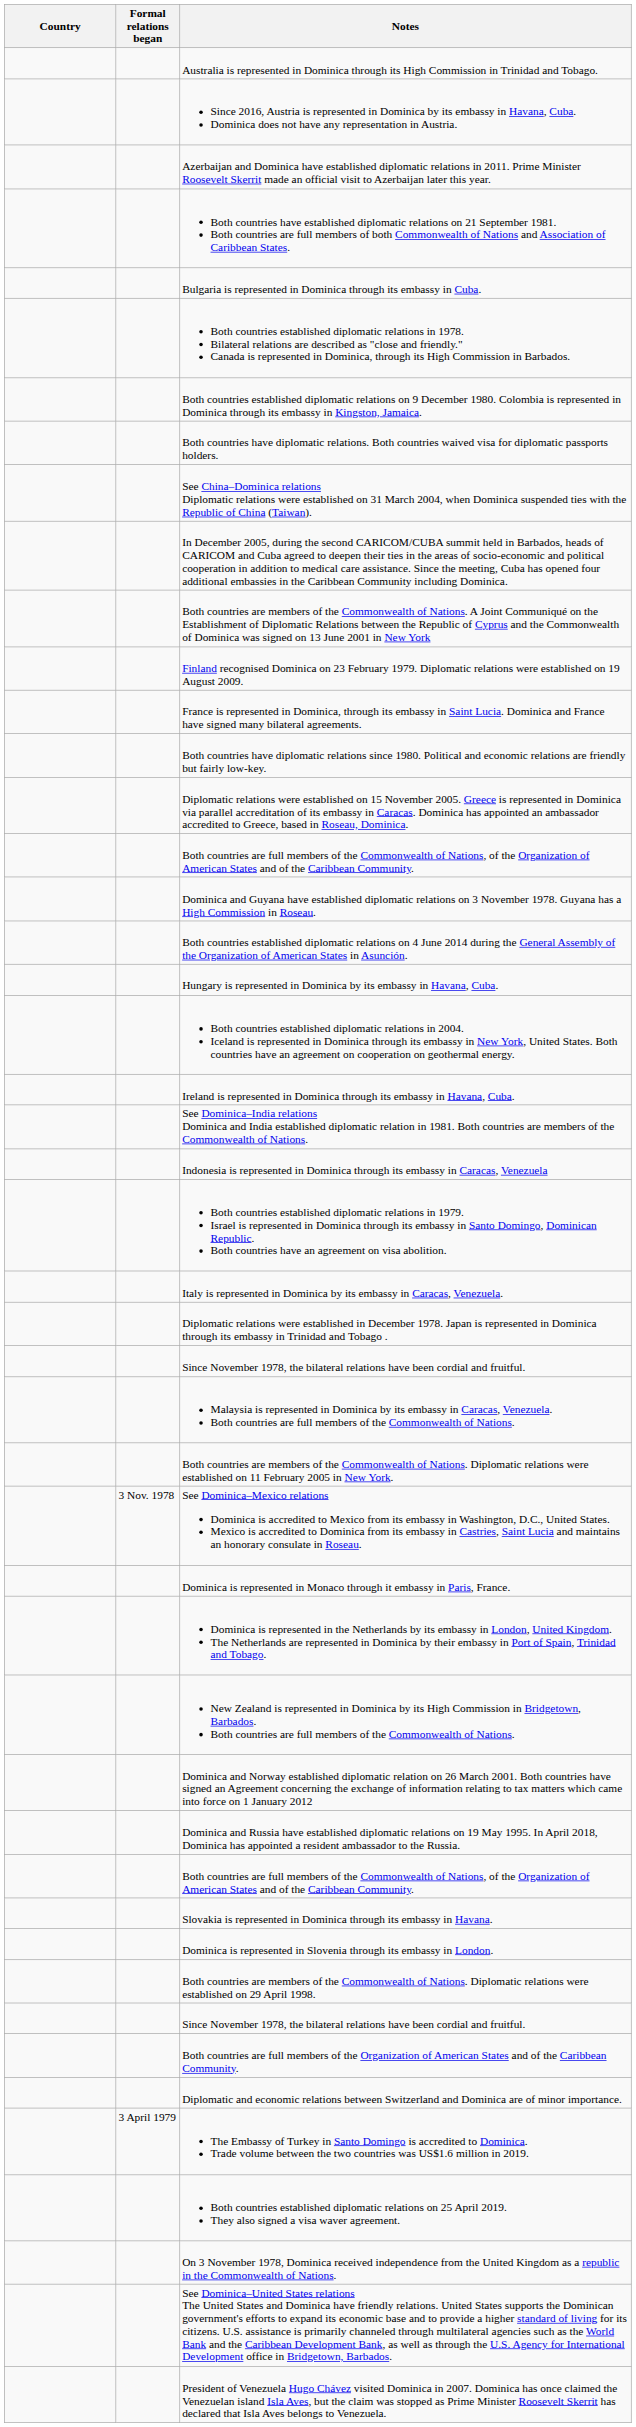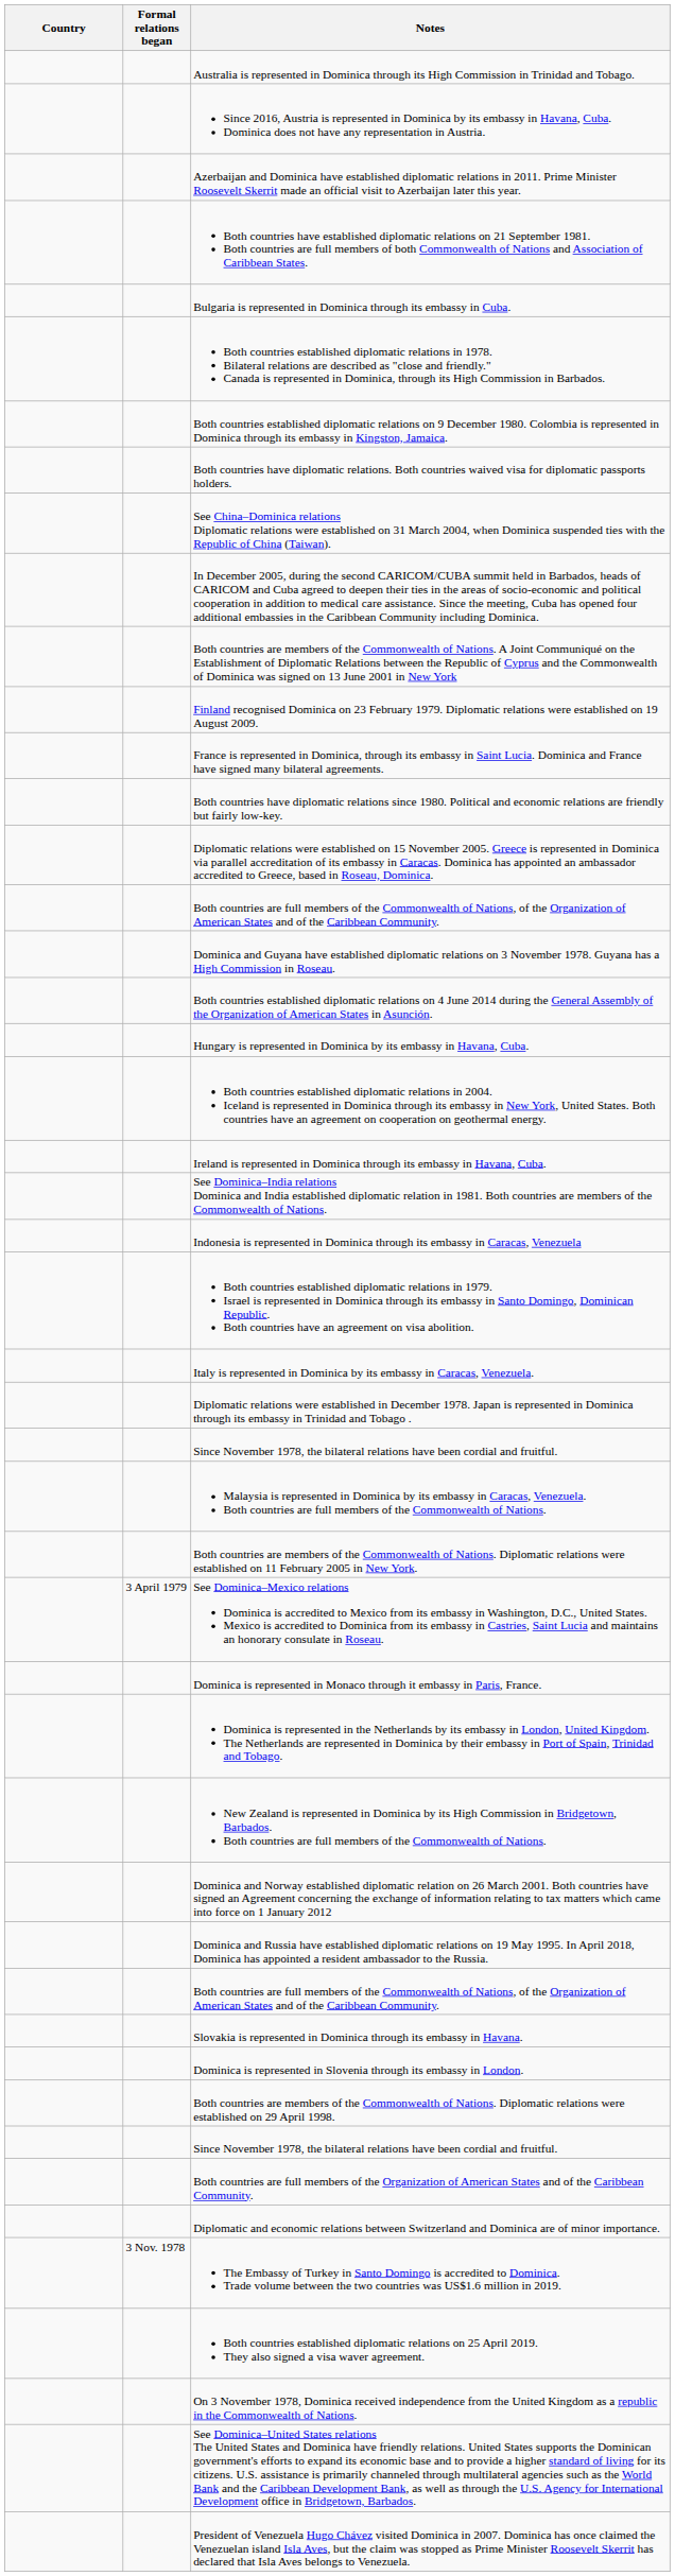 <table class="wikitable" style="width:100%; margin:auto;">
 <tr>
 <th style="width:4%;">Country</th>
 <th style="width:1%;">Formal relations began</th>
 <th style="width:20%;">Notes</th>
 </tr>
 <tr valign="top">
 <td></td>
 <td></td>
 <td><br>Australia is represented in Dominica through its High Commission in Trinidad and Tobago.</td>
 </tr>
 <tr valign="top">
 <td></td>
 <td></td>
 <td><br><ul><li>Since 2016, Austria is represented in Dominica by its embassy in <a href='#'>Havana</a>, <a href='#'>Cuba</a>.</li><li>Dominica does not have any representation in Austria.</li></ul></td>
 </tr>
 <tr valign="top">
 <td></td>
 <td></td>
 <td><br>Azerbaijan and Dominica have established diplomatic relations in 2011. Prime Minister <a href='#'>Roosevelt Skerrit</a> made an official visit to Azerbaijan later this year.</td>
 </tr>
 <tr valign="top">
 <td></td>
 <td></td>
 <td><br><ul><li>Both countries have established diplomatic relations on 21 September 1981.</li><li>Both countries are full members of both <a href='#'>Commonwealth of Nations</a> and <a href='#'>Association of Caribbean States</a>.</li></ul></td>
 </tr>
 <tr valign="top">
 <td></td>
 <td></td>
 <td><br>Bulgaria is represented in Dominica through its embassy in <a href='#'>Cuba</a>.</td>
 </tr>
 <tr valign="top">
 <td></td>
 <td></td>
 <td><br><ul><li>Both countries established diplomatic relations in 1978.</li><li>Bilateral relations are described as "close and friendly."</li><li>Canada is represented in Dominica, through its High Commission in Barbados.</li></ul></td>
 </tr>
 <tr valign="top">
 <td></td>
 <td></td>
 <td><br>Both countries established diplomatic relations on 9 December 1980. Colombia is represented in Dominica through its embassy in <a href='#'>Kingston, Jamaica</a>.</td>
 </tr>
 <tr valign="top">
 <td></td>
 <td></td>
 <td><br>Both countries have diplomatic relations. Both countries waived visa for diplomatic passports holders.</td>
 </tr>
 <tr valign="top">
 <td></td>
 <td></td>
 <td><br>See <a href='#'>China–Dominica relations</a><br>Diplomatic relations were established on 31 March 2004, when Dominica suspended ties with the <a href='#'>Republic of China</a> (<a href='#'>Taiwan</a>).</td>
 </tr>
 <tr valign="top">
 <td></td>
 <td></td>
 <td><br>In December 2005, during the second CARICOM/CUBA summit held in Barbados, heads of CARICOM and Cuba agreed to deepen their ties in the areas of socio-economic and political cooperation in addition to medical care assistance. Since the meeting, Cuba has opened four additional embassies in the Caribbean Community including Dominica.</td>
 </tr>
 <tr valign="top">
 <td></td>
 <td></td>
 <td><br>Both countries are members of the <a href='#'>Commonwealth of Nations</a>. A Joint Communiqué on the Establishment of Diplomatic Relations between the Republic of <a href='#'>Cyprus</a> and the Commonwealth of Dominica was signed on 13 June 2001 in <a href='#'>New York</a></td>
 </tr>
 <tr valign="top">
 <td></td>
 <td></td>
 <td><br><a href='#'>Finland</a> recognised Dominica on 23 February 1979. Diplomatic relations were established on 19 August 2009.</td>
 </tr>
 <tr valign="top">
 <td></td>
 <td></td>
 <td><br>France is represented in Dominica, through its embassy in <a href='#'>Saint Lucia</a>. Dominica and France have signed many bilateral agreements.</td>
 </tr>
 <tr valign="top">
 <td></td>
 <td></td>
 <td><br>Both countries have diplomatic relations since 1980. Political and economic relations are friendly but fairly low-key.</td>
 </tr>
 <tr valign="top">
 <td></td>
 <td></td>
 <td><br>Diplomatic relations were established on 15 November 2005. <a href='#'>Greece</a> is represented in Dominica via parallel accreditation of its embassy in <a href='#'>Caracas</a>. Dominica has appointed an ambassador accredited to Greece, based in <a href='#'>Roseau, Dominica</a>.</td>
 </tr>
 <tr valign="top">
 <td></td>
 <td></td>
 <td><br>Both countries are full members of the <a href='#'>Commonwealth of Nations</a>, of the <a href='#'>Organization of American States</a> and of the <a href='#'>Caribbean Community</a>.</td>
 </tr>
 <tr valign="top">
 <td></td>
 <td></td>
 <td><br>Dominica and Guyana have established diplomatic relations on 3 November 1978. Guyana has a <a href='#'>High Commission</a> in <a href='#'>Roseau</a>.</td>
 </tr>
 <tr valign="top">
 <td></td>
 <td></td>
 <td><br>Both countries established diplomatic relations on 4 June 2014 during the <a href='#'>General Assembly of the Organization of American States</a> in <a href='#'>Asunción</a>.</td>
 </tr>
 <tr valign="top">
 <td></td>
 <td></td>
 <td><br>Hungary is represented in Dominica by its embassy in <a href='#'>Havana</a>, <a href='#'>Cuba</a>.</td>
 </tr>
 <tr valign="top">
 <td></td>
 <td></td>
 <td><br><ul><li>Both countries established diplomatic relations in 2004.</li><li>Iceland is represented in Dominica through its embassy in <a href='#'>New York</a>, United States. Both countries have an agreement on cooperation on geothermal energy.</li></ul></td>
 </tr>
 <tr valign="top">
 <td></td>
 <td></td>
 <td><br>Ireland is represented in Dominica through its embassy in <a href='#'>Havana</a>, <a href='#'>Cuba</a>.</td>
 </tr>
 <tr valign="top">
 <td></td>
 <td></td>
 <td>See <a href='#'>Dominica–India relations</a><br>Dominica and India established diplomatic relation in 1981. Both countries are members of the <a href='#'>Commonwealth of Nations</a>.</td>
 </tr>
 <tr valign="top">
 <td></td>
 <td></td>
 <td><br>Indonesia is represented in Dominica through its embassy in <a href='#'>Caracas</a>, <a href='#'>Venezuela</a></td>
 </tr>
 <tr valign="top">
 <td></td>
 <td></td>
 <td><br><ul><li>Both countries established diplomatic relations in 1979.</li><li>Israel is represented in Dominica through its embassy in <a href='#'>Santo Domingo</a>, <a href='#'>Dominican Republic</a>.</li><li>Both countries have an agreement on visa abolition.</li></ul></td>
 </tr>
 <tr valign="top">
 <td></td>
 <td></td>
 <td><br>Italy is represented in Dominica by its embassy in <a href='#'>Caracas</a>, <a href='#'>Venezuela</a>.</td>
 </tr>
 <tr valign="top">
 <td></td>
 <td></td>
 <td><br>Diplomatic relations were established in December 1978. Japan is represented in Dominica through its embassy in Trinidad and Tobago .</td>
 </tr>
 <tr valign="top">
 <td></td>
 <td></td>
 <td><br>Since November 1978, the bilateral relations have been cordial and fruitful.</td>
 </tr>
 <tr valign="top">
 <td></td>
 <td></td>
 <td><br><ul><li>Malaysia is represented in Dominica by its embassy in <a href='#'>Caracas</a>, <a href='#'>Venezuela</a>.</li><li>Both countries are full members of the <a href='#'>Commonwealth of Nations</a>.</li></ul></td>
 </tr>
 <tr valign="top">
 <td></td>
 <td></td>
 <td><br>Both countries are members of the <a href='#'>Commonwealth of Nations</a>. Diplomatic relations were established on 11 February 2005 in <a href='#'>New York</a>.</td>
 </tr>
 <tr valign="top">
 <td></td>
-<td>3 Nov. 1978</td>
+<td>3 April 1979</td>
 <td>See <a href='#'>Dominica–Mexico relations</a><br><ul><li>Dominica is accredited to Mexico from its embassy in Washington, D.C., United States.</li><li>Mexico is accredited to Dominica from its embassy in <a href='#'>Castries</a>, <a href='#'>Saint Lucia</a> and maintains an honorary consulate in <a href='#'>Roseau</a>.</li></ul></td>
 </tr>
 <tr valign="top">
 <td></td>
 <td></td>
 <td><br>Dominica is represented in Monaco through it embassy in <a href='#'>Paris</a>, France.</td>
 </tr>
 <tr valign="top">
 <td></td>
 <td></td>
 <td><br><ul><li>Dominica is represented in the Netherlands by its embassy in <a href='#'>London</a>, <a href='#'>United Kingdom</a>.</li><li>The Netherlands are represented in Dominica by their embassy in <a href='#'>Port of Spain</a>, <a href='#'>Trinidad and Tobago</a>.</li></ul></td>
 </tr>
 <tr valign="top">
 <td></td>
 <td></td>
 <td><br><ul><li>New Zealand is represented in Dominica by its High Commission in <a href='#'>Bridgetown</a>, <a href='#'>Barbados</a>.</li><li>Both countries are full members of the <a href='#'>Commonwealth of Nations</a>.</li></ul></td>
 </tr>
 <tr valign="top">
 <td></td>
 <td></td>
 <td><br>Dominica and Norway established diplomatic relation on 26 March 2001. Both countries have signed an Agreement concerning the exchange of information relating to tax matters which came into force on 1 January 2012</td>
 </tr>
 <tr valign="top">
 <td></td>
 <td></td>
 <td><br>Dominica and Russia have established diplomatic relations on 19 May 1995. In April 2018, Dominica has appointed a resident ambassador to the Russia.</td>
 </tr>
 <tr valign="top">
 <td></td>
 <td></td>
 <td><br>Both countries are full members of the <a href='#'>Commonwealth of Nations</a>, of the <a href='#'>Organization of American States</a> and of the <a href='#'>Caribbean Community</a>.</td>
 </tr>
 <tr valign="top">
 <td></td>
 <td></td>
 <td><br>Slovakia is represented in Dominica through its embassy in <a href='#'>Havana</a>.</td>
 </tr>
 <tr valign="top">
 <td></td>
 <td></td>
 <td><br>Dominica is represented in Slovenia through its embassy in <a href='#'>London</a>.</td>
 </tr>
 <tr valign="top">
 <td></td>
 <td></td>
 <td><br>Both countries are members of the <a href='#'>Commonwealth of Nations</a>. Diplomatic relations were established on 29 April 1998.</td>
 </tr>
 <tr valign="top">
 <td></td>
 <td></td>
 <td><br>Since November 1978, the bilateral relations have been cordial and fruitful.</td>
 </tr>
 <tr valign="top">
 <td></td>
 <td></td>
 <td><br>Both countries are full members of the <a href='#'>Organization of American States</a> and of the <a href='#'>Caribbean Community</a>.</td>
 </tr>
 <tr valign="top">
 <td></td>
 <td></td>
 <td><br>Diplomatic and economic relations between Switzerland and Dominica are of minor importance.</td>
 </tr>
 <tr valign="top">
 <td></td>
-<td>3 April 1979</td>
+<td>3 Nov. 1978</td>
 <td><br><ul><li>The Embassy of Turkey in <a href='#'>Santo Domingo</a> is accredited to <a href='#'>Dominica</a>.</li><li>Trade volume between the two countries was US$1.6 million in 2019.</li></ul></td>
 </tr>
 <tr valign="top">
 <td></td>
 <td></td>
 <td><br><ul><li>Both countries established diplomatic relations on 25 April 2019.</li><li>They also signed a visa waver agreement.</li></ul></td>
 </tr>
 <tr valign="top">
 <td></td>
 <td></td>
 <td><br>On 3 November 1978, Dominica received independence from the United Kingdom as a <a href='#'>republic in the Commonwealth of Nations</a>.</td>
 </tr>
 <tr valign="top">
 <td></td>
 <td></td>
 <td>See <a href='#'>Dominica–United States relations</a><br>The United States and Dominica have friendly relations. United States supports the Dominican government's efforts to expand its economic base and to provide a higher <a href='#'>standard of living</a> for its citizens. U.S. assistance is primarily channeled through multilateral agencies such as the <a href='#'>World Bank</a> and the <a href='#'>Caribbean Development Bank</a>, as well as through the <a href='#'>U.S. Agency for International Development</a> office in <a href='#'>Bridgetown, Barbados</a>.</td>
 </tr>
 <tr valign="top">
 <td></td>
 <td></td>
 <td><br>President of Venezuela <a href='#'>Hugo Chávez</a> visited Dominica in 2007. Dominica has once claimed the Venezuelan island <a href='#'>Isla Aves</a>, but the claim was stopped as Prime Minister <a href='#'>Roosevelt Skerrit</a> has declared that Isla Aves belongs to Venezuela.</td>
 </tr>
 </table>
